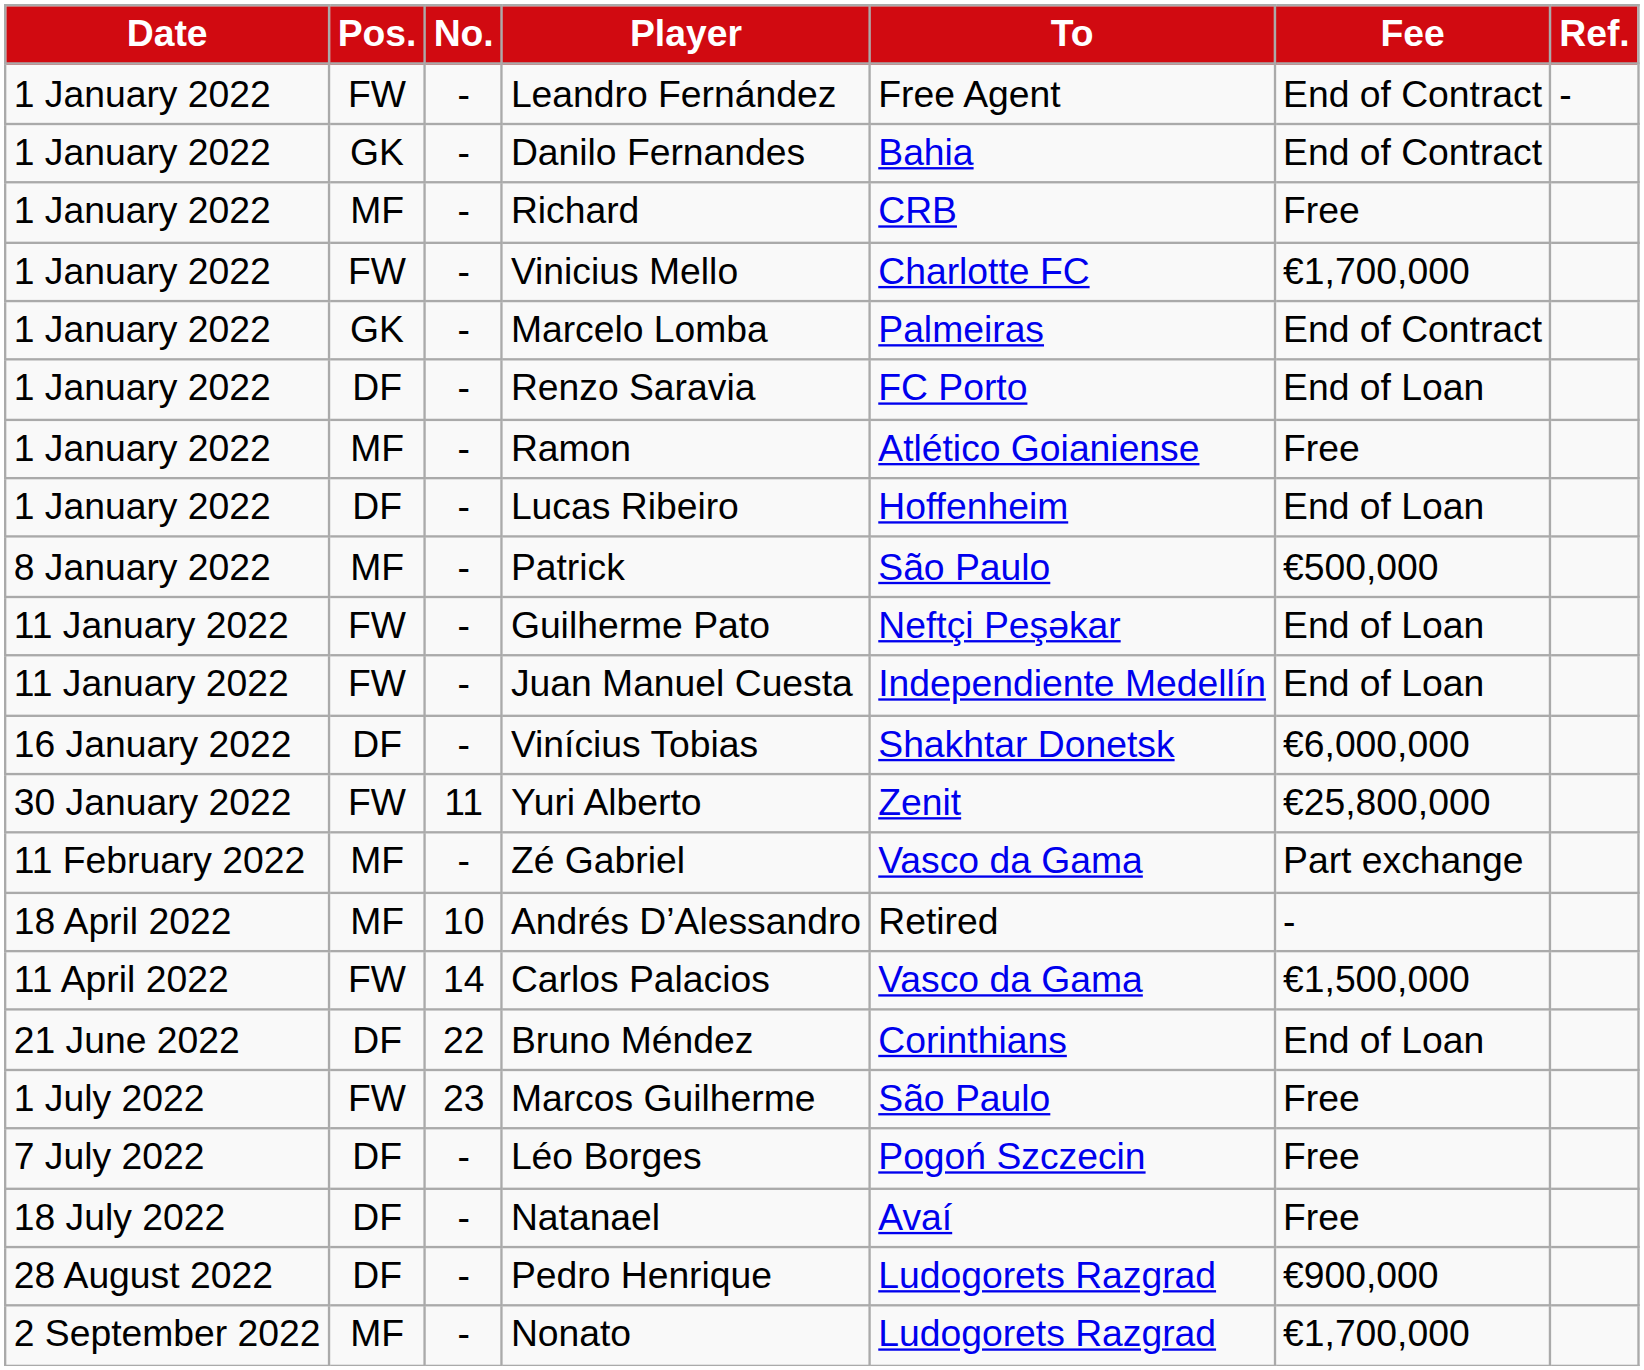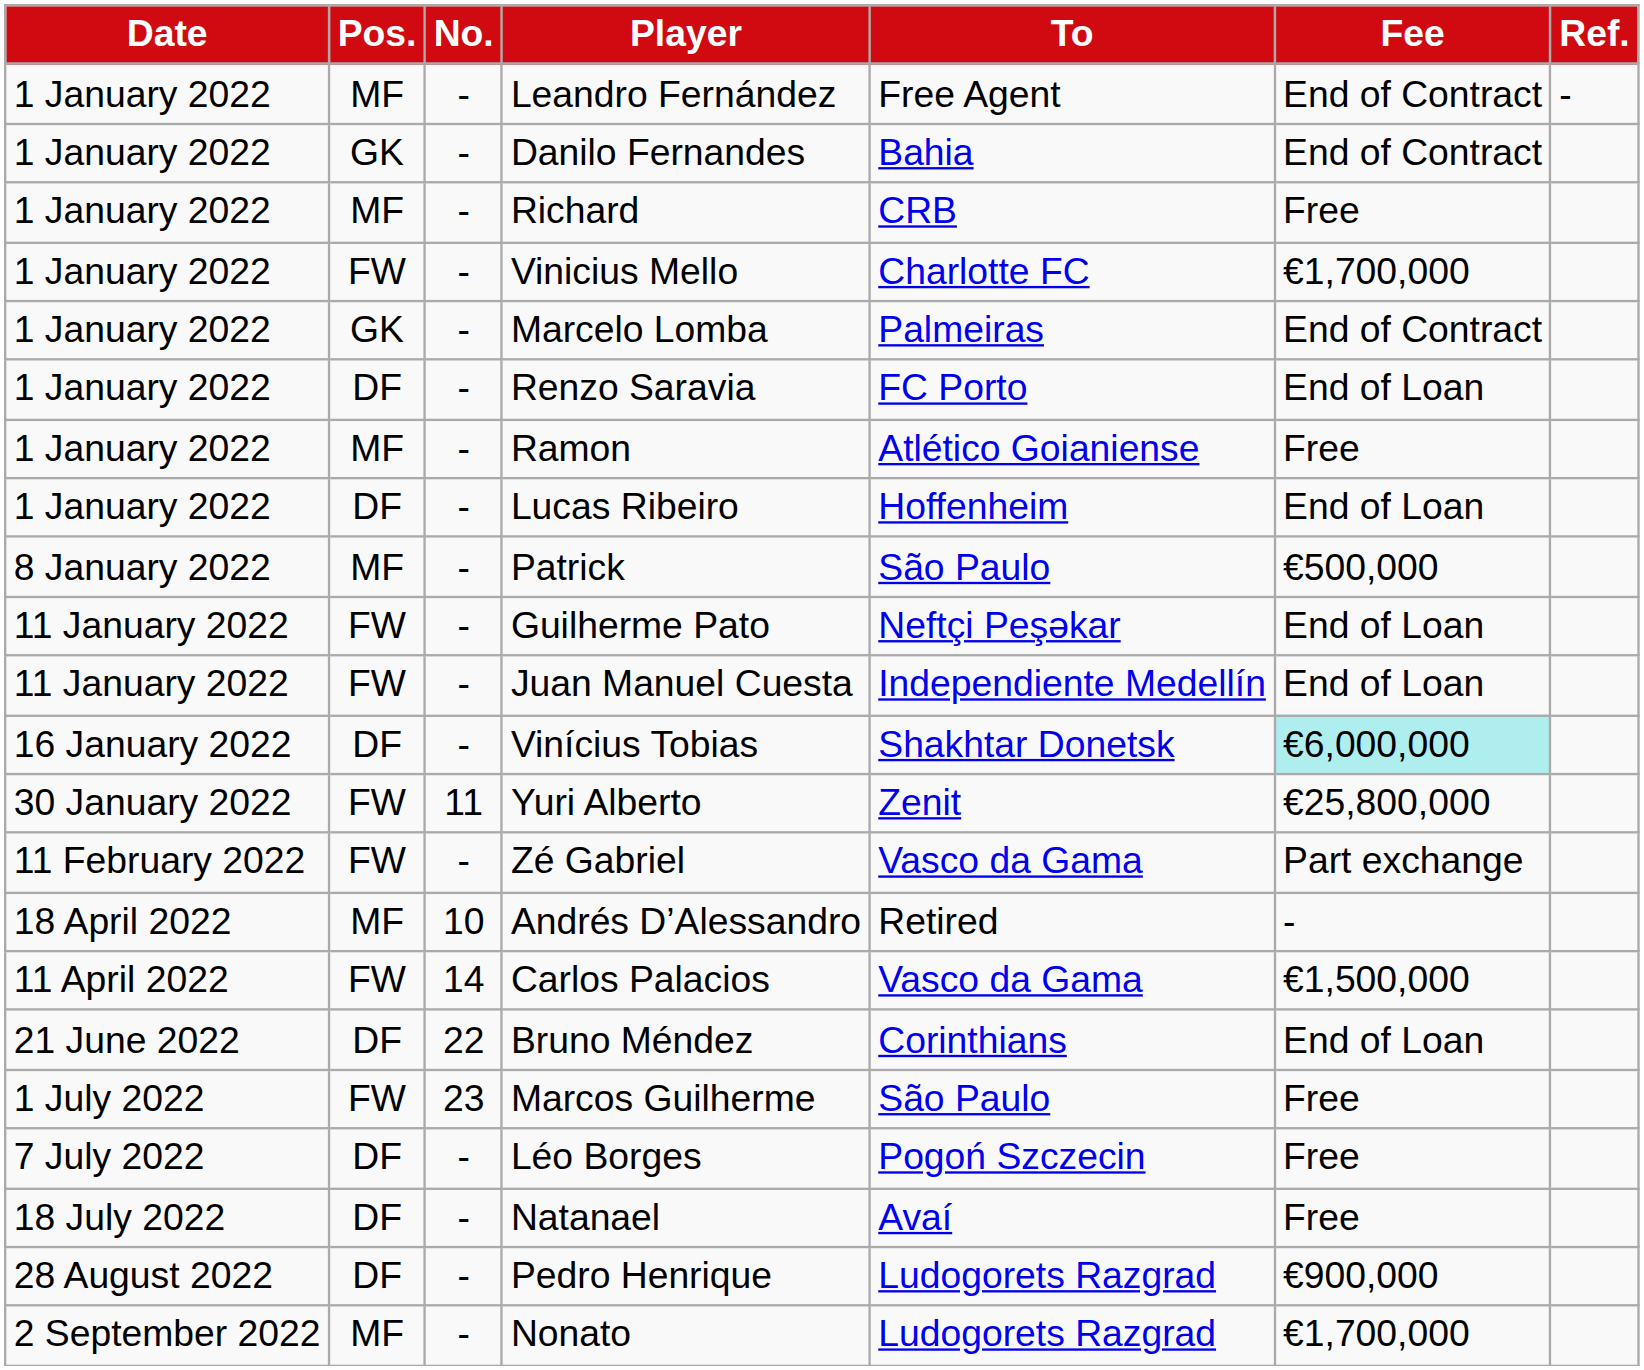 <table class="wikitable plainrowheaders sortable">
 <tr>
 <th style="background:#D10A11; color:#ffffff; ">Date</th>
 <th style="background:#D10A11; color:#ffffff; ">Pos.</th>
 <th style="background:#D10A11; color:#ffffff; ">No.</th>
 <th style="background:#D10A11; color:#ffffff; ">Player</th>
 <th style="background:#D10A11; color:#ffffff; ">To</th>
 <th style="background:#D10A11; color:#ffffff; ">Fee</th>
 <th style="background:#D10A11; color:#ffffff; ">Ref.</th>
 </tr>
 <tr>
 <td>1 January 2022</td>
-<td style="text-align:center;">FW</td>
+<td style="text-align:center;">MF</td>
 <td style="text-align:center;">-</td>
 <td style="text-align:left;"> Leandro Fernández</td>
 <td style="text-align:left;">Free Agent</td>
 <td>End of Contract</td>
 <td>-</td>
 </tr>
 <tr>
 <td>1 January 2022</td>
 <td style="text-align:center;">GK</td>
 <td style="text-align:center;">-</td>
 <td style="text-align:left;"> Danilo Fernandes</td>
 <td style="text-align:left;"> <a href='#'>Bahia</a></td>
 <td>End of Contract</td>
 <td></td>
 </tr>
 <tr>
 <td>1 January 2022</td>
 <td style="text-align:center;">MF</td>
 <td style="text-align:center;">-</td>
 <td style="text-align:left;"> Richard</td>
 <td style="text-align:left;"> <a href='#'>CRB</a></td>
 <td>Free</td>
 <td></td>
 </tr>
 <tr>
 <td>1 January 2022</td>
 <td style="text-align:center;">FW</td>
 <td style="text-align:center;">-</td>
 <td style="text-align:left;"> Vinicius Mello</td>
 <td style="text-align:left;"> <a href='#'>Charlotte FC</a></td>
 <td>€1,700,000</td>
 <td></td>
 </tr>
 <tr>
 <td>1 January 2022</td>
 <td style="text-align:center;">GK</td>
 <td style="text-align:center;">-</td>
 <td style="text-align:left;"> Marcelo Lomba</td>
 <td style="text-align:left;"> <a href='#'>Palmeiras</a></td>
 <td>End of Contract</td>
 <td></td>
 </tr>
 <tr>
 <td>1 January 2022</td>
 <td style="text-align:center;">DF</td>
 <td style="text-align:center;">-</td>
 <td style="text-align:left;"> Renzo Saravia</td>
 <td style="text-align:left;"> <a href='#'>FC Porto</a></td>
 <td>End of Loan</td>
 <td></td>
 </tr>
 <tr>
 <td>1 January 2022</td>
 <td style="text-align:center;">MF</td>
 <td style="text-align:center;">-</td>
 <td> Ramon</td>
 <td> <a href='#'>Atlético Goianiense</a></td>
 <td>Free</td>
 <td></td>
 </tr>
 <tr>
 <td>1 January 2022</td>
 <td style="text-align:center;">DF</td>
 <td style="text-align:center;">-</td>
 <td style="text-align:left;"> Lucas Ribeiro</td>
 <td style="text-align:left;"> <a href='#'>Hoffenheim</a></td>
 <td>End of Loan</td>
 <td></td>
 </tr>
 <tr>
 <td>8 January 2022</td>
 <td style="text-align:center;">MF</td>
 <td style="text-align:center;">-</td>
 <td style="text-align:left;"> Patrick</td>
 <td style="text-align:left;"> <a href='#'>São Paulo</a></td>
 <td>€500,000</td>
 <td></td>
 </tr>
 <tr>
 <td>11 January 2022</td>
 <td style="text-align:center;">FW</td>
 <td style="text-align:center;">-</td>
 <td style="text-align:left;"> Guilherme Pato</td>
 <td style="text-align:left;"> <a href='#'>Neftçi Peşəkar</a></td>
 <td>End of Loan</td>
 <td></td>
 </tr>
 <tr>
 <td>11 January 2022</td>
 <td style="text-align:center;">FW</td>
 <td style="text-align:center;">-</td>
 <td style="text-align:left;"> Juan Manuel Cuesta</td>
 <td style="text-align:left;"> <a href='#'>Independiente Medellín</a></td>
 <td>End of Loan</td>
 <td></td>
 </tr>
 <tr>
 <td>16 January 2022</td>
 <td style="text-align:center;">DF</td>
 <td style="text-align:center;">-</td>
 <td> Vinícius Tobias</td>
 <td> <a href='#'>Shakhtar Donetsk</a></td>
-<td>€6,000,000</td>
+<td style="background: paleturquoise;">€6,000,000</td>
 <td></td>
 </tr>
 <tr>
 <td>30 January 2022</td>
 <td style="text-align:center;">FW</td>
 <td style="text-align:center;">11</td>
 <td> Yuri Alberto</td>
 <td> <a href='#'>Zenit</a></td>
 <td>€25,800,000</td>
 <td></td>
 </tr>
 <tr>
 <td>11 February 2022</td>
-<td style="text-align:center;">MF</td>
+<td style="text-align:center;">FW</td>
 <td style="text-align:center;">-</td>
 <td> Zé Gabriel</td>
 <td> <a href='#'>Vasco da Gama</a></td>
 <td>Part exchange</td>
 <td></td>
 </tr>
 <tr>
 <td>18 April 2022</td>
 <td style="text-align:center;">MF</td>
 <td style="text-align:center;">10</td>
 <td> Andrés D’Alessandro</td>
 <td>Retired</td>
 <td>-</td>
 <td></td>
 </tr>
 <tr>
 <td>11 April 2022</td>
 <td style="text-align:center;">FW</td>
 <td style="text-align:center;">14</td>
 <td> Carlos Palacios</td>
 <td> <a href='#'>Vasco da Gama</a></td>
 <td>€1,500,000</td>
 <td></td>
 </tr>
 <tr>
 <td>21 June 2022</td>
 <td style="text-align:center;">DF</td>
 <td style="text-align:center;">22</td>
 <td> Bruno Méndez</td>
 <td> <a href='#'>Corinthians</a></td>
 <td>End of Loan</td>
 <td></td>
 </tr>
 <tr>
 <td>1 July 2022</td>
 <td style="text-align:center;">FW</td>
 <td style="text-align:center;">23</td>
 <td> Marcos Guilherme</td>
 <td> <a href='#'>São Paulo</a></td>
 <td>Free</td>
 <td></td>
 </tr>
 <tr>
 <td>7 July 2022</td>
 <td style="text-align:center;">DF</td>
 <td style="text-align:center;">-</td>
 <td> Léo Borges</td>
 <td> <a href='#'>Pogoń Szczecin</a></td>
 <td>Free</td>
 <td></td>
 </tr>
 <tr>
 <td>18 July 2022</td>
 <td style="text-align:center;">DF</td>
 <td style="text-align:center;">-</td>
 <td> Natanael</td>
 <td> <a href='#'>Avaí</a></td>
 <td>Free</td>
 <td></td>
 </tr>
 <tr>
 <td>28 August 2022</td>
 <td style="text-align:center;">DF</td>
 <td style="text-align:center;">-</td>
 <td> Pedro Henrique</td>
 <td> <a href='#'>Ludogorets Razgrad</a></td>
 <td>€900,000</td>
 <td></td>
 </tr>
 <tr>
 <td>2 September 2022</td>
 <td style="text-align:center;">MF</td>
 <td style="text-align:center;">-</td>
 <td> Nonato</td>
 <td> <a href='#'>Ludogorets Razgrad</a></td>
 <td>€1,700,000</td>
 <td></td>
 </tr>
 </table>
